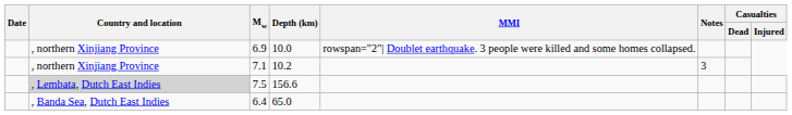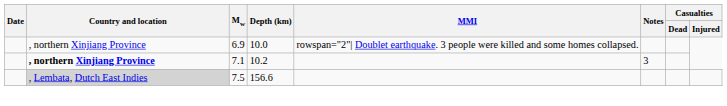 <table class="wikitable sortable sort-under" style="border:1px black; margin-left:1em;">
 <tr>
 <th rowspan="2"><small>Date</small></th>
 <th rowspan="2" style="width: 310px"><small>Country and location</small></th>
 <th rowspan="2"><small>M<sub>w</sub></small></th>
 <th rowspan="2"><small>Depth (km)</small></th>
 <th rowspan="2"><small><a href='#'>MMI</a></small></th>
 <th rowspan="2" class="unsortable"><small>Notes</small></th>
 <th colspan="2"><small>Casualties</small></th>
 </tr>
 <tr>
 <th><small>Dead</small></th>
 <th><small>Injured</small></th>
 </tr>
 <tr>
 <td></td>
 <td>, northern <a href='#'>Xinjiang Province</a></td>
 <td>6.9</td>
 <td>10.0</td>
 <td>rowspan="2"| <a href='#'>Doublet earthquake</a>. 3 people were killed and some homes collapsed.</td>
 <td></td>
 <td></td>
 </tr>
 <tr>
 <td></td>
-<td>, northern <a href='#'>Xinjiang Province</a></td>
+<td><strong>, northern <a href='#'>Xinjiang Province</a></strong></td>
 <td>7.1</td>
 <td>10.2</td>
 <td></td>
 <td>3</td>
 <td></td>
 </tr>
 <tr>
 <td></td>
 <td style="background: lightgrey;">, <a href='#'>Lembata</a>, <a href='#'>Dutch East Indies</a></td>
 <td>7.5</td>
 <td>156.6</td>
 <td></td>
 <td></td>
 <td></td>
 <td></td>
 </tr>
-<tr>
-<td></td>
-<td>, <a href='#'>Banda Sea</a>, <a href='#'>Dutch East Indies</a></td>
-<td>6.4</td>
-<td>65.0</td>
-<td></td>
-<td></td>
-<td></td>
-<td></td>
-</tr>
 </table>
